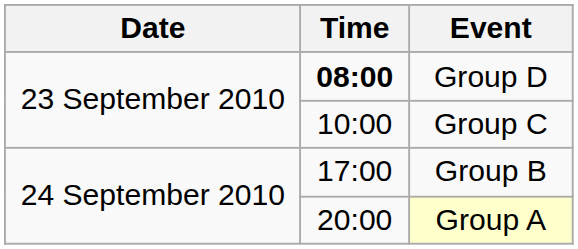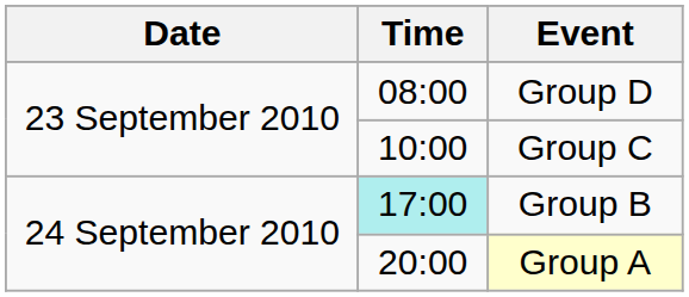 <table class = "wikitable" style="text-align:center;">
 <tr>
 <th width=150>Date</th>
 <th width=50>Time</th>
 <th width=80>Event</th>
 </tr>
 <tr>
 <td rowspan=2>23 September 2010</td>
-<td><strong>08:00</strong></td>
+<td>08:00</td>
 <td>Group D</td>
 </tr>
 <tr>
 <td>10:00</td>
 <td>Group C</td>
 </tr>
 <tr>
 <td rowspan=2>24 September 2010</td>
-<td>17:00</td>
+<td style="background: paleturquoise;">17:00</td>
 <td>Group B</td>
 </tr>
 <tr>
 <td>20:00</td>
 <td bgcolor=ffffcc>Group A</td>
 </tr>
 </table>
